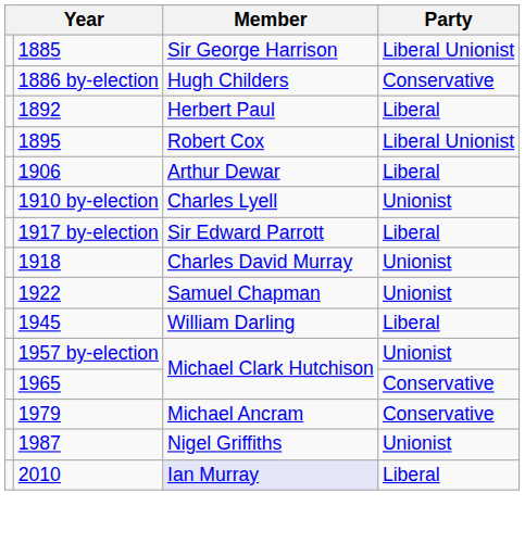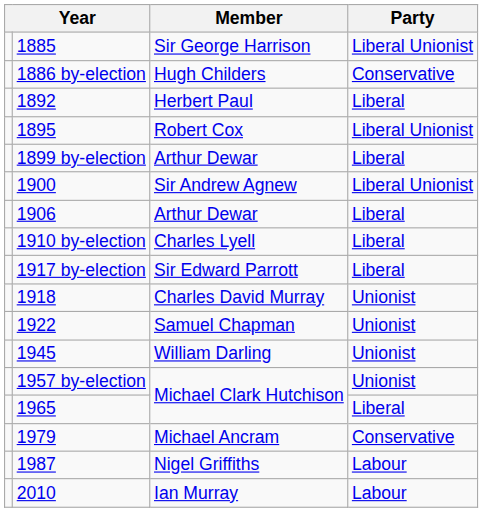 <table class="wikitable">
 <tr>
 <th colspan="2">Year</th>
 <th>Member</th>
 <th>Party</th>
 </tr>
 <tr>
 <td style="color:inherit;background-color: "></td>
 <td><a href='#'>1885</a></td>
 <td><a href='#'>Sir George Harrison</a></td>
 <td><a href='#'>Liberal Unionist</a></td>
 </tr>
 <tr>
 <td style="color:inherit;background-color: "></td>
 <td><a href='#'>1886 by-election</a></td>
 <td><a href='#'>Hugh Childers</a></td>
 <td><a href='#'>Conservative</a></td>
 </tr>
 <tr>
 <td style="color:inherit;background-color: "></td>
 <td><a href='#'>1892</a></td>
 <td><a href='#'>Herbert Paul</a></td>
 <td><a href='#'>Liberal</a></td>
 </tr>
 <tr>
 <td style="color:inherit;background-color: "></td>
 <td><a href='#'>1895</a></td>
 <td><a href='#'>Robert Cox</a></td>
 <td><a href='#'>Liberal Unionist</a></td>
 </tr>
 <tr>
 <td style="color:inherit;background-color: "></td>
+<td><a href='#'>1899 by-election</a></td>
+<td><a href='#'>Arthur Dewar</a></td>
+<td><a href='#'>Liberal</a></td>
+</tr>
+<tr>
+<td style="color:inherit;background-color: "></td>
+<td><a href='#'>1900</a></td>
+<td><a href='#'>Sir Andrew Agnew</a></td>
+<td><a href='#'>Liberal Unionist</a></td>
+</tr>
+<tr>
+<td style="color:inherit;background-color: "></td>
 <td><a href='#'>1906</a></td>
 <td><a href='#'>Arthur Dewar</a></td>
 <td><a href='#'>Liberal</a></td>
 </tr>
 <tr>
 <td style="color:inherit;background-color: "></td>
 <td><a href='#'>1910 by-election</a></td>
 <td><a href='#'>Charles Lyell</a></td>
-<td><a href='#'>Unionist</a></td>
+<td><a href='#'>Liberal</a></td>
 </tr>
 <tr>
 <td style="color:inherit;background-color: "></td>
 <td><a href='#'>1917 by-election</a></td>
 <td><a href='#'>Sir Edward Parrott</a></td>
 <td><a href='#'>Liberal</a></td>
 </tr>
 <tr>
 <td style="color:inherit;background-color: "></td>
 <td><a href='#'>1918</a></td>
 <td><a href='#'>Charles David Murray</a></td>
 <td><a href='#'>Unionist</a></td>
 </tr>
 <tr>
 <td style="color:inherit;background-color: "></td>
 <td><a href='#'>1922</a></td>
 <td><a href='#'>Samuel Chapman</a></td>
 <td><a href='#'>Unionist</a></td>
 </tr>
 <tr>
 <td style="color:inherit;background-color: "></td>
 <td><a href='#'>1945</a></td>
 <td><a href='#'>William Darling</a></td>
-<td><a href='#'>Liberal</a></td>
+<td><a href='#'>Unionist</a></td>
 </tr>
 <tr>
 <td style="color:inherit;background-color: "></td>
 <td><a href='#'>1957 by-election</a></td>
 <td style="border-bottom:1px gray; vertical-align:middle;" rowspan = "2"><a href='#'>Michael Clark Hutchison</a></td>
 <td><a href='#'>Unionist</a></td>
 </tr>
 <tr>
 <td style="color:inherit;background-color: "></td>
 <td><a href='#'>1965</a></td>
-<td><a href='#'>Conservative</a></td>
+<td><a href='#'>Liberal</a></td>
 </tr>
 <tr>
 <td style="color:inherit;background-color: "></td>
 <td><a href='#'>1979</a></td>
 <td><a href='#'>Michael Ancram</a></td>
 <td><a href='#'>Conservative</a></td>
 </tr>
 <tr>
 <td style="color:inherit;background-color: "></td>
 <td><a href='#'>1987</a></td>
 <td><a href='#'>Nigel Griffiths</a></td>
-<td><a href='#'>Unionist</a></td>
+<td><a href='#'>Labour</a></td>
 </tr>
 <tr>
 <td style="color:inherit;background-color: "></td>
 <td><a href='#'>2010</a></td>
-<td style="background: lavender;"><a href='#'>Ian Murray</a></td>
-<td><a href='#'>Liberal</a></td>
+<td><a href='#'>Ian Murray</a></td>
+<td><a href='#'>Labour</a></td>
 </tr>
 </table>
